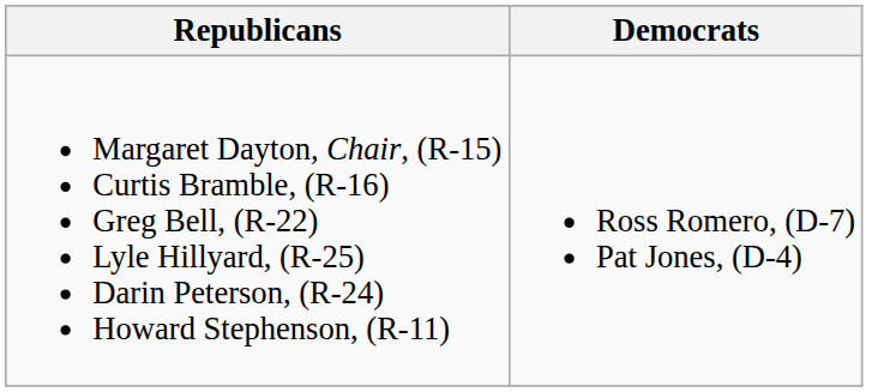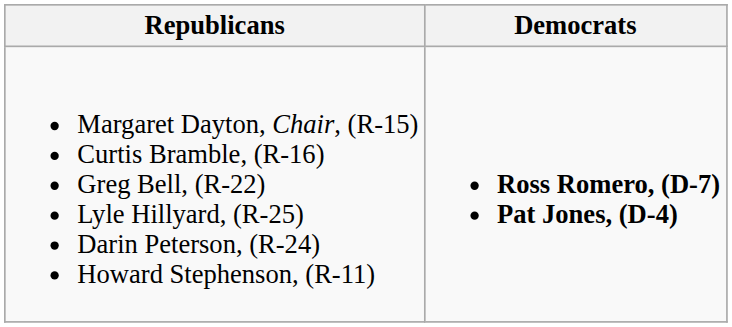 <table class=wikitable>
 <tr>
 <th>Republicans</th>
 <th>Democrats</th>
 </tr>
 <tr>
 <td><br><ul><li>Margaret Dayton, <em>Chair</em>, (R-15)</li><li>Curtis Bramble, (R-16)</li><li>Greg Bell, (R-22)</li><li>Lyle Hillyard, (R-25)</li><li>Darin Peterson, (R-24)</li><li>Howard Stephenson, (R-11)</li></ul></td>
-<td><br><ul><li>Ross Romero, (D-7)</li><li>Pat Jones, (D-4)</li></ul></td>
+<td><strong><br><ul><li>Ross Romero, (D-7)</li><li>Pat Jones, (D-4)</li></ul></strong></td>
 </tr>
 </table>
